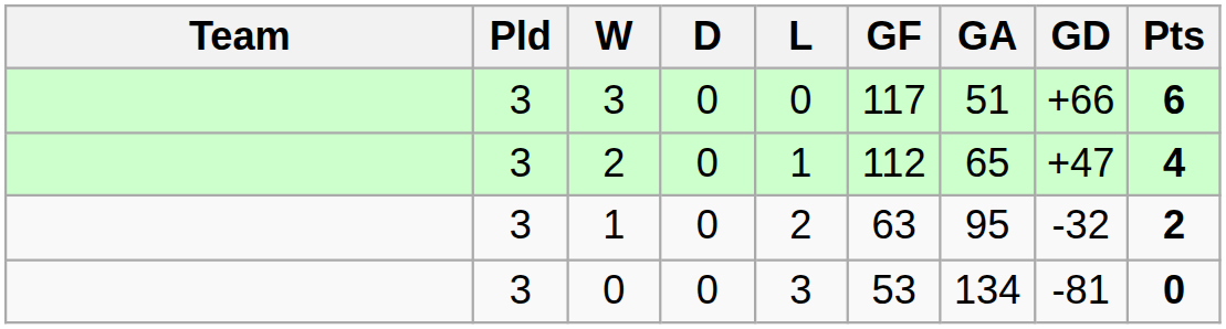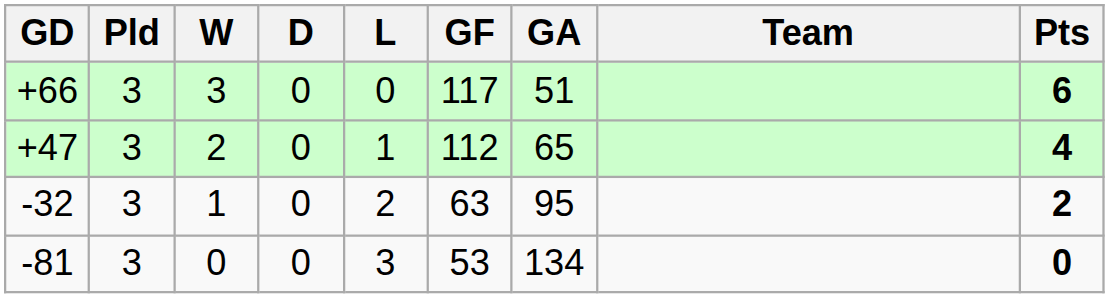 <table class="wikitable" style="text-align: center;">
 <tr>
-<th width="180">Team</th>
+<th width="30">GD</th>
 <th width="30">Pld</th>
 <th width="30">W</th>
 <th width="30">D</th>
 <th width="30">L</th>
 <th width="30">GF</th>
 <th width="30">GA</th>
-<th width="30">GD</th>
+<th width="180">Team</th>
 <th width="30">Pts</th>
 </tr>
 <tr bgcolor=#CCFFCC>
-<td align="left"></td>
+<td>+66</td>
 <td>3</td>
 <td>3</td>
 <td>0</td>
 <td>0</td>
 <td>117</td>
 <td>51</td>
-<td>+66</td>
+<td align="left"></td>
 <td><strong>6</strong></td>
 </tr>
 <tr bgcolor=#CCFFCC>
-<td align="left"></td>
+<td>+47</td>
 <td>3</td>
 <td>2</td>
 <td>0</td>
 <td>1</td>
 <td>112</td>
 <td>65</td>
-<td>+47</td>
+<td align="left"></td>
 <td><strong>4</strong></td>
 </tr>
 <tr>
-<td align="left"></td>
+<td>-32</td>
 <td>3</td>
 <td>1</td>
 <td>0</td>
 <td>2</td>
 <td>63</td>
 <td>95</td>
-<td>-32</td>
+<td align="left"></td>
 <td><strong>2</strong></td>
 </tr>
 <tr>
-<td align="left"></td>
+<td>-81</td>
 <td>3</td>
 <td>0</td>
 <td>0</td>
 <td>3</td>
 <td>53</td>
 <td>134</td>
-<td>-81</td>
+<td align="left"></td>
 <td><strong>0</strong></td>
 </tr>
 </table>
